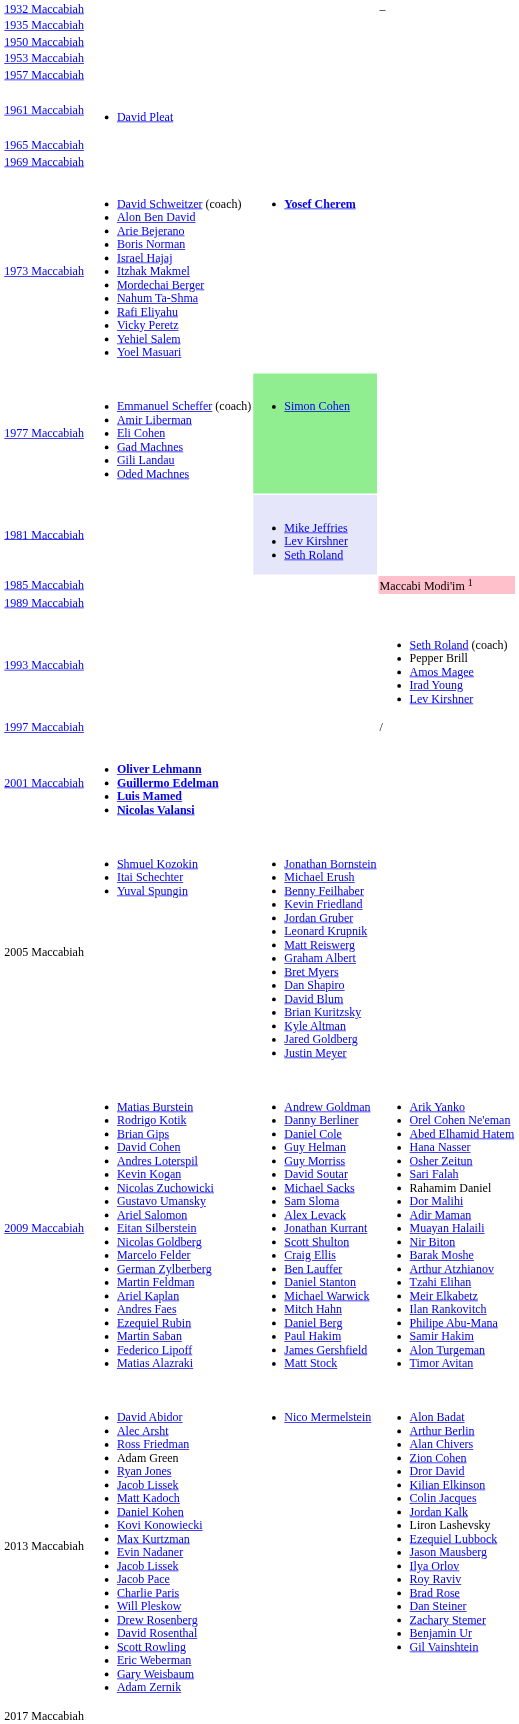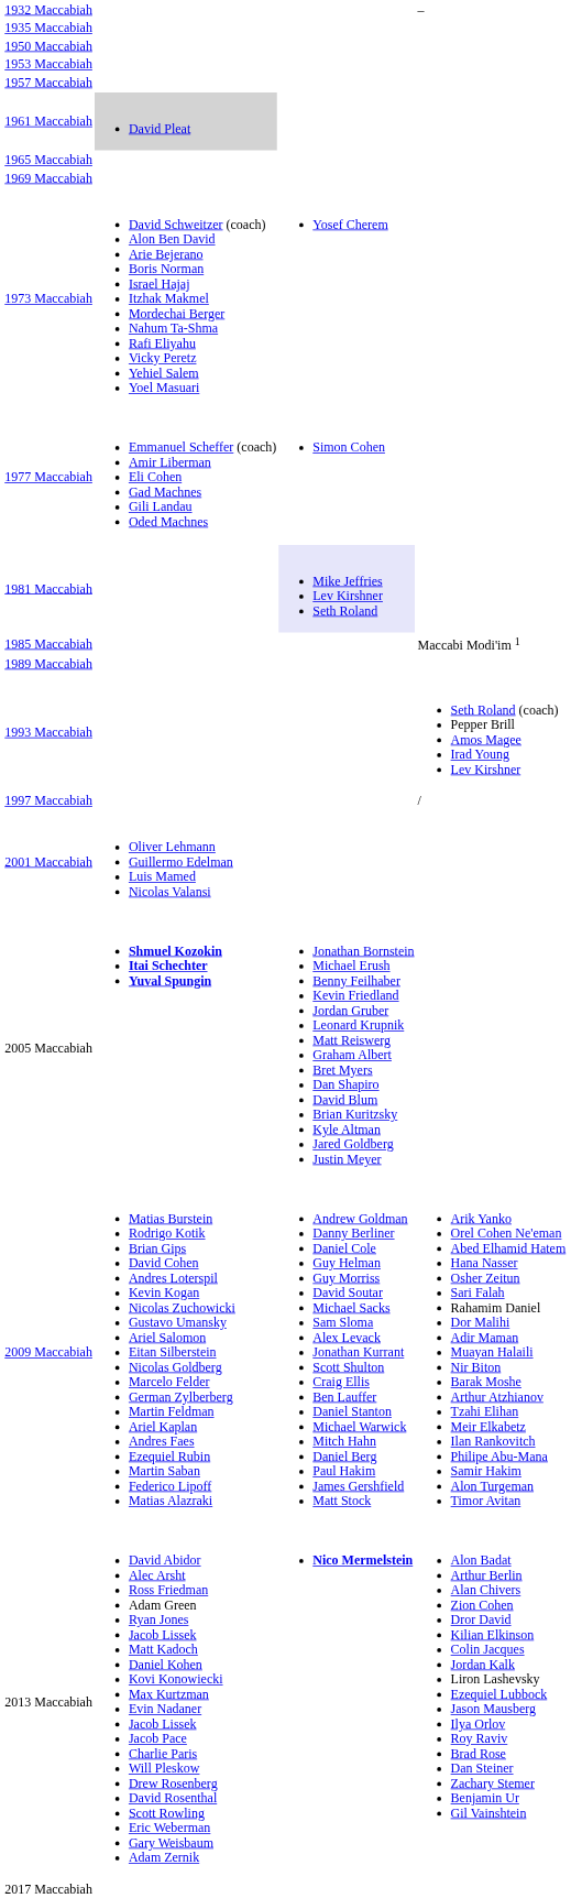 <table>
 <tr>
 <td><a href='#'>1932 Maccabiah</a></td>
 <td valign=top></td>
 <td valign=top></td>
 <td valign=top>–</td>
 </tr>
 <tr>
 <td><a href='#'>1935 Maccabiah</a></td>
 <td valign=top></td>
 <td valign=top></td>
 <td valign=top></td>
 </tr>
 <tr>
 <td><a href='#'>1950 Maccabiah</a></td>
 <td valign=top></td>
 <td valign=top></td>
 <td valign=top></td>
 </tr>
 <tr>
 <td><a href='#'>1953 Maccabiah</a></td>
 <td valign=top></td>
 <td valign=top></td>
 <td valign=top></td>
 </tr>
 <tr>
 <td><a href='#'>1957 Maccabiah</a></td>
 <td valign=top></td>
 <td valign=top></td>
 <td valign=top></td>
 </tr>
 <tr>
 <td><a href='#'>1961 Maccabiah</a></td>
-<td valign=top><br><ul><li><a href='#'>David Pleat</a></li></ul></td>
+<td valign=top style="background: lightgrey;"><br><ul><li><a href='#'>David Pleat</a></li></ul></td>
 <td valign=top></td>
 <td valign=top></td>
 </tr>
 <tr>
 <td><a href='#'>1965 Maccabiah</a></td>
 <td valign=top></td>
 <td valign=top></td>
 <td valign=top></td>
 </tr>
 <tr>
 <td><a href='#'>1969 Maccabiah</a></td>
 <td valign=top></td>
 <td valign=top></td>
 <td valign=top></td>
 </tr>
 <tr>
 <td><a href='#'>1973 Maccabiah</a></td>
 <td valign=top><br><ul><li><a href='#'>David Schweitzer</a> (coach)</li><li><a href='#'>Alon Ben David</a></li><li><a href='#'>Arie Bejerano</a></li><li><a href='#'>Boris Norman</a></li><li><a href='#'>Israel Hajaj</a></li><li><a href='#'>Itzhak Makmel</a></li><li><a href='#'>Mordechai Berger</a></li><li><a href='#'>Nahum Ta-Shma</a></li><li><a href='#'>Rafi Eliyahu</a></li><li><a href='#'>Vicky Peretz</a></li><li><a href='#'>Yehiel Salem</a></li><li><a href='#'>Yoel Masuari</a></li></ul></td>
-<td valign=top><strong><br><ul><li><a href='#'>Yosef Cherem</a></li></ul></strong></td>
+<td valign=top><br><ul><li><a href='#'>Yosef Cherem</a></li></ul></td>
 <td valign=top></td>
 </tr>
 <tr>
 <td><a href='#'>1977 Maccabiah</a></td>
 <td valign=top><br><ul><li><a href='#'>Emmanuel Scheffer</a> (coach)</li><li><a href='#'>Amir Liberman</a></li><li><a href='#'>Eli Cohen</a></li><li><a href='#'>Gad Machnes</a></li><li><a href='#'>Gili Landau</a></li><li><a href='#'>Oded Machnes</a></li></ul></td>
-<td valign=top style="background: lightgreen;"><br><ul><li><a href='#'>Simon Cohen</a></li></ul></td>
+<td valign=top><br><ul><li><a href='#'>Simon Cohen</a></li></ul></td>
 <td valign=top></td>
 </tr>
 <tr>
 <td><a href='#'>1981 Maccabiah</a></td>
 <td valign=top></td>
 <td valign=top style="background: lavender;"><br><ul><li><a href='#'>Mike Jeffries</a></li><li><a href='#'>Lev Kirshner</a></li><li><a href='#'>Seth Roland</a></li></ul></td>
 <td valign=top></td>
 </tr>
 <tr>
 <td><a href='#'>1985 Maccabiah</a></td>
 <td valign=top></td>
 <td valign=top></td>
-<td valign=top style="background: pink;">Maccabi Modi'im <sup>1</sup></td>
+<td valign=top>Maccabi Modi'im <sup>1</sup></td>
 </tr>
 <tr>
 <td><a href='#'>1989 Maccabiah</a></td>
 <td valign=top></td>
 <td valign=top></td>
 <td valign=top></td>
 </tr>
 <tr>
 <td><a href='#'>1993 Maccabiah</a></td>
 <td valign=top></td>
 <td valign=top></td>
 <td valign=top><br><ul><li><a href='#'>Seth Roland</a> (coach)</li><li>Pepper Brill</li><li><a href='#'>Amos Magee</a></li><li><a href='#'>Irad Young</a></li><li><a href='#'>Lev Kirshner</a></li></ul></td>
 </tr>
 <tr>
 <td><a href='#'>1997 Maccabiah</a></td>
 <td valign=top></td>
 <td valign=top></td>
 <td valign=top>/</td>
 </tr>
 <tr>
 <td><a href='#'>2001 Maccabiah</a></td>
-<td valign=top><strong><br><ul><li><a href='#'>Oliver Lehmann</a></li><li><a href='#'>Guillermo Edelman</a></li><li><a href='#'>Luis Mamed</a></li><li><a href='#'>Nicolas Valansi</a></li></ul></strong></td>
+<td valign=top><br><ul><li><a href='#'>Oliver Lehmann</a></li><li><a href='#'>Guillermo Edelman</a></li><li><a href='#'>Luis Mamed</a></li><li><a href='#'>Nicolas Valansi</a></li></ul></td>
 <td valign=top></td>
 <td valign=top></td>
 </tr>
 <tr>
 <td>2005 Maccabiah</td>
-<td valign=top><br><ul><li><a href='#'>Shmuel Kozokin</a></li><li><a href='#'>Itai Schechter</a></li><li><a href='#'>Yuval Spungin</a></li></ul></td>
+<td valign=top><strong><br><ul><li><a href='#'>Shmuel Kozokin</a></li><li><a href='#'>Itai Schechter</a></li><li><a href='#'>Yuval Spungin</a></li></ul></strong></td>
 <td valign=top><br><ul><li><a href='#'>Jonathan Bornstein</a></li><li><a href='#'>Michael Erush</a></li><li><a href='#'>Benny Feilhaber</a></li><li><a href='#'>Kevin Friedland</a></li><li><a href='#'>Jordan Gruber</a></li><li><a href='#'>Leonard Krupnik</a></li><li><a href='#'>Matt Reiswerg</a></li><li><a href='#'>Graham Albert</a></li><li><a href='#'>Bret Myers</a></li><li><a href='#'>Dan Shapiro</a></li><li><a href='#'>David Blum</a></li><li><a href='#'>Brian Kuritzsky</a></li><li><a href='#'>Kyle Altman</a></li><li><a href='#'>Jared Goldberg</a></li><li><a href='#'>Justin Meyer</a></li></ul></td>
 <td valign=top></td>
 </tr>
 <tr>
 <td><a href='#'>2009 Maccabiah</a></td>
 <td valign=top><br><ul><li><a href='#'>Matias Burstein</a></li><li><a href='#'>Rodrigo Kotik</a></li><li><a href='#'>Brian Gips</a></li><li><a href='#'>David Cohen</a></li><li><a href='#'>Andres Loterspil</a></li><li><a href='#'>Kevin Kogan</a></li><li><a href='#'>Nicolas Zuchowicki</a></li><li><a href='#'>Gustavo Umansky</a></li><li><a href='#'>Ariel Salomon</a></li><li><a href='#'>Eitan Silberstein</a></li><li><a href='#'>Nicolas Goldberg</a></li><li><a href='#'>Marcelo Felder</a></li><li><a href='#'>German Zylberberg</a></li><li><a href='#'>Martin Feldman</a></li><li><a href='#'>Ariel Kaplan</a></li><li><a href='#'>Andres Faes</a></li><li><a href='#'>Ezequiel Rubin</a></li><li><a href='#'>Martin Saban</a></li><li><a href='#'>Federico Lipoff</a></li><li><a href='#'>Matias Alazraki</a></li></ul></td>
 <td valign=top><br><ul><li><a href='#'>Andrew Goldman</a></li><li><a href='#'>Danny Berliner</a></li><li><a href='#'>Daniel Cole</a></li><li><a href='#'>Guy Helman</a></li><li><a href='#'>Guy Morriss</a></li><li><a href='#'>David Soutar</a></li><li><a href='#'>Michael Sacks</a></li><li><a href='#'>Sam Sloma</a></li><li><a href='#'>Alex Levack</a></li><li><a href='#'>Jonathan Kurrant</a></li><li><a href='#'>Scott Shulton</a></li><li><a href='#'>Craig Ellis</a></li><li><a href='#'>Ben Lauffer</a></li><li><a href='#'>Daniel Stanton</a></li><li><a href='#'>Michael Warwick</a></li><li><a href='#'>Mitch Hahn</a></li><li><a href='#'>Daniel Berg</a></li><li><a href='#'>Paul Hakim</a></li><li><a href='#'>James Gershfield</a></li><li><a href='#'>Matt Stock</a></li></ul></td>
 <td valign=top><br><ul><li><a href='#'>Arik Yanko</a></li><li><a href='#'>Orel Cohen Ne'eman</a></li><li><a href='#'>Abed Elhamid Hatem</a></li><li><a href='#'>Hana Nasser</a></li><li><a href='#'>Osher Zeitun</a></li><li><a href='#'>Sari Falah</a></li><li>Rahamim Daniel</li><li><a href='#'>Dor Malihi</a></li><li><a href='#'>Adir Maman</a></li><li><a href='#'>Muayan Halaili</a></li><li><a href='#'>Nir Biton</a></li><li><a href='#'>Barak Moshe</a></li><li><a href='#'>Arthur Atzhianov</a></li><li><a href='#'>Tzahi Elihan</a></li><li><a href='#'>Meir Elkabetz</a></li><li><a href='#'>Ilan Rankovitch</a></li><li><a href='#'>Philipe Abu-Mana</a></li><li><a href='#'>Samir Hakim</a></li><li><a href='#'>Alon Turgeman</a></li><li><a href='#'>Timor Avitan</a></li></ul></td>
 </tr>
 <tr>
 <td>2013 Maccabiah</td>
 <td valign=top><br><ul><li><a href='#'>David Abidor</a></li><li><a href='#'>Alec Arsht</a></li><li><a href='#'>Ross Friedman</a></li><li>Adam Green</li><li><a href='#'>Ryan Jones</a></li><li><a href='#'>Jacob Lissek</a></li><li><a href='#'>Matt Kadoch</a></li><li><a href='#'>Daniel Kohen</a></li><li><a href='#'>Kovi Konowiecki</a></li><li><a href='#'>Max Kurtzman</a></li><li><a href='#'>Evin Nadaner</a></li><li><a href='#'>Jacob Lissek</a></li><li><a href='#'>Jacob Pace</a></li><li><a href='#'>Charlie Paris</a></li><li><a href='#'>Will Pleskow</a></li><li><a href='#'>Drew Rosenberg</a></li><li><a href='#'>David Rosenthal</a></li><li><a href='#'>Scott Rowling</a></li><li><a href='#'>Eric Weberman</a></li><li><a href='#'>Gary Weisbaum</a></li><li><a href='#'>Adam Zernik</a></li></ul></td>
-<td valign=top><br><ul><li><a href='#'>Nico Mermelstein</a></li></ul></td>
+<td valign=top><strong><br><ul><li><a href='#'>Nico Mermelstein</a></li></ul></strong></td>
 <td valign=top><br><ul><li><a href='#'>Alon Badat</a></li><li><a href='#'>Arthur Berlin</a></li><li><a href='#'>Alan Chivers</a></li><li><a href='#'>Zion Cohen</a></li><li><a href='#'>Dror David</a></li><li><a href='#'>Kilian Elkinson</a></li><li><a href='#'>Colin Jacques</a></li><li><a href='#'>Jordan Kalk</a></li><li>Liron Lashevsky</li><li><a href='#'>Ezequiel Lubbock</a></li><li><a href='#'>Jason Mausberg</a></li><li><a href='#'>Ilya Orlov</a></li><li><a href='#'>Roy Raviv</a></li><li><a href='#'>Brad Rose</a></li><li><a href='#'>Dan Steiner</a></li><li><a href='#'>Zachary Stemer</a></li><li><a href='#'>Benjamin Ur</a></li><li><a href='#'>Gil Vainshtein</a></li></ul></td>
 </tr>
 <tr>
 <td>2017 Maccabiah</td>
 <td valign=top></td>
 <td valign=top></td>
 <td valign=top></td>
 </tr>
 </table>
